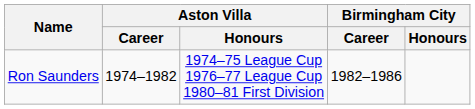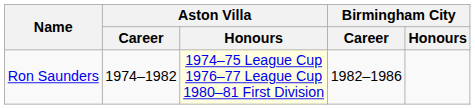 <table class="wikitable" style="text-align: center">
 <tr>
 <th rowspan=2>Name</th>
 <th colspan=2>Aston Villa</th>
 <th colspan=2>Birmingham City</th>
 </tr>
 <tr>
 <th>Career</th>
 <th>Honours</th>
 <th>Career</th>
 <th>Honours</th>
 </tr>
 <tr>
 <td> <a href='#'>Ron Saunders</a></td>
 <td>1974–1982</td>
-<td><a href='#'>1974–75 League Cup</a><br><a href='#'>1976–77 League Cup</a><br><a href='#'>1980–81 First Division</a></td>
+<td style="background: lightyellow;"><a href='#'>1974–75 League Cup</a><br><a href='#'>1976–77 League Cup</a><br><a href='#'>1980–81 First Division</a></td>
 <td>1982–1986</td>
 <td></td>
 </tr>
 </table>
